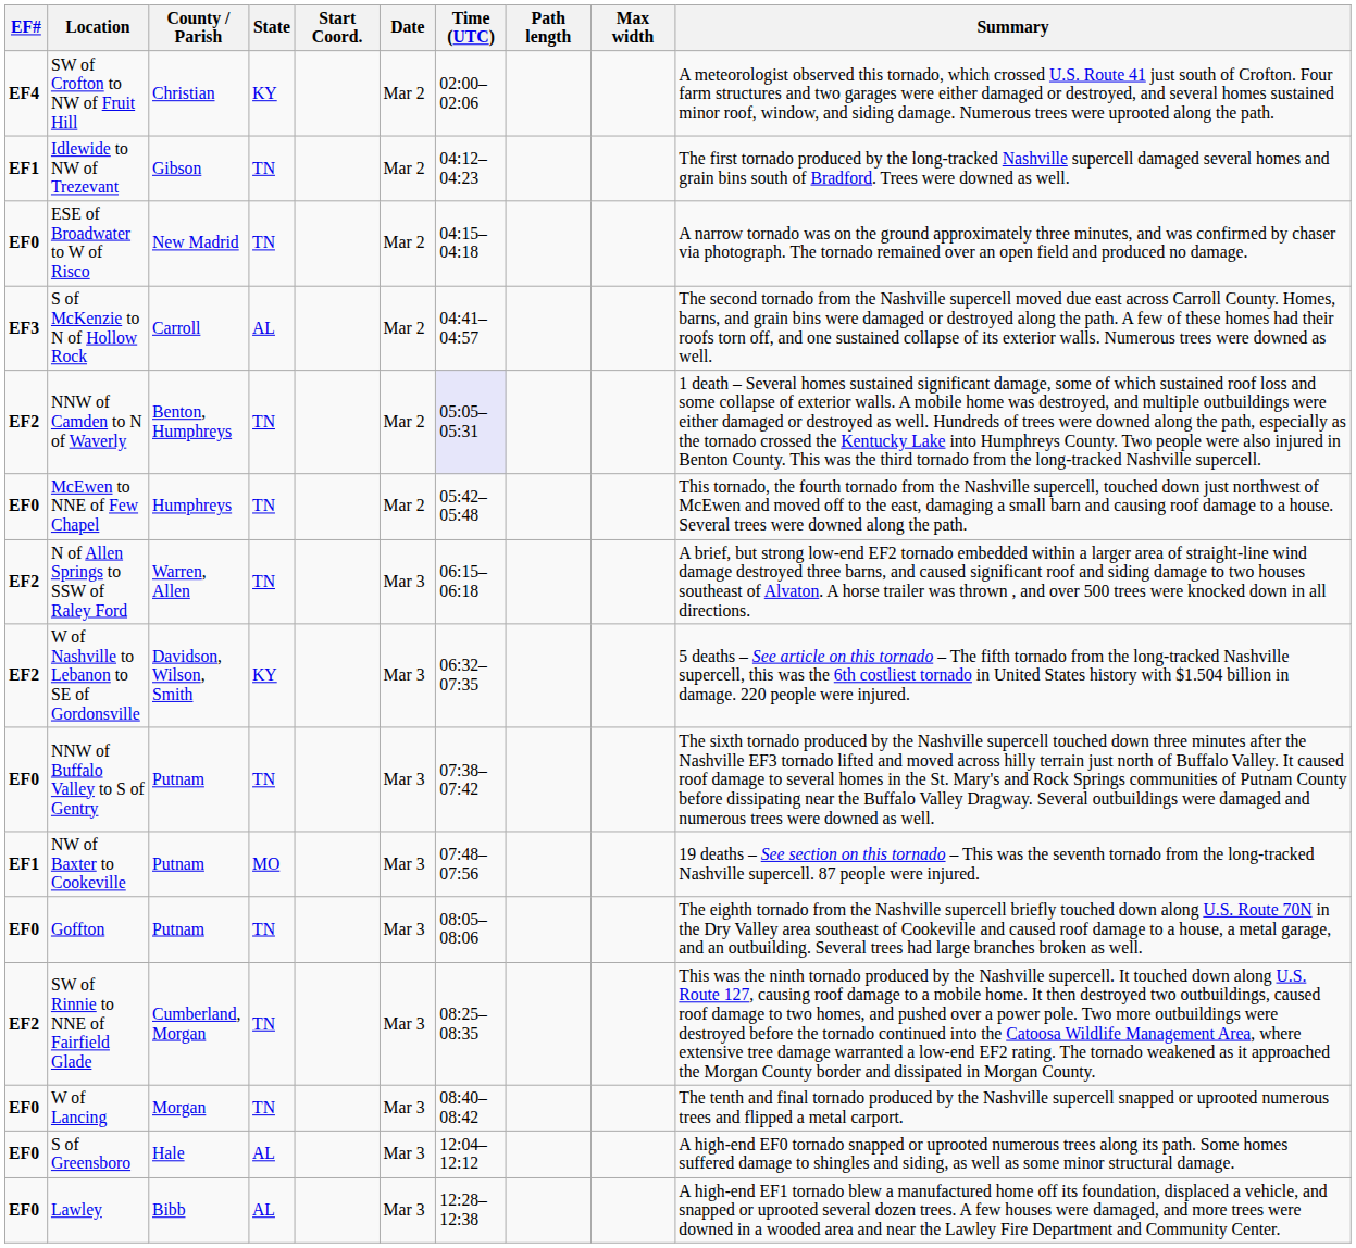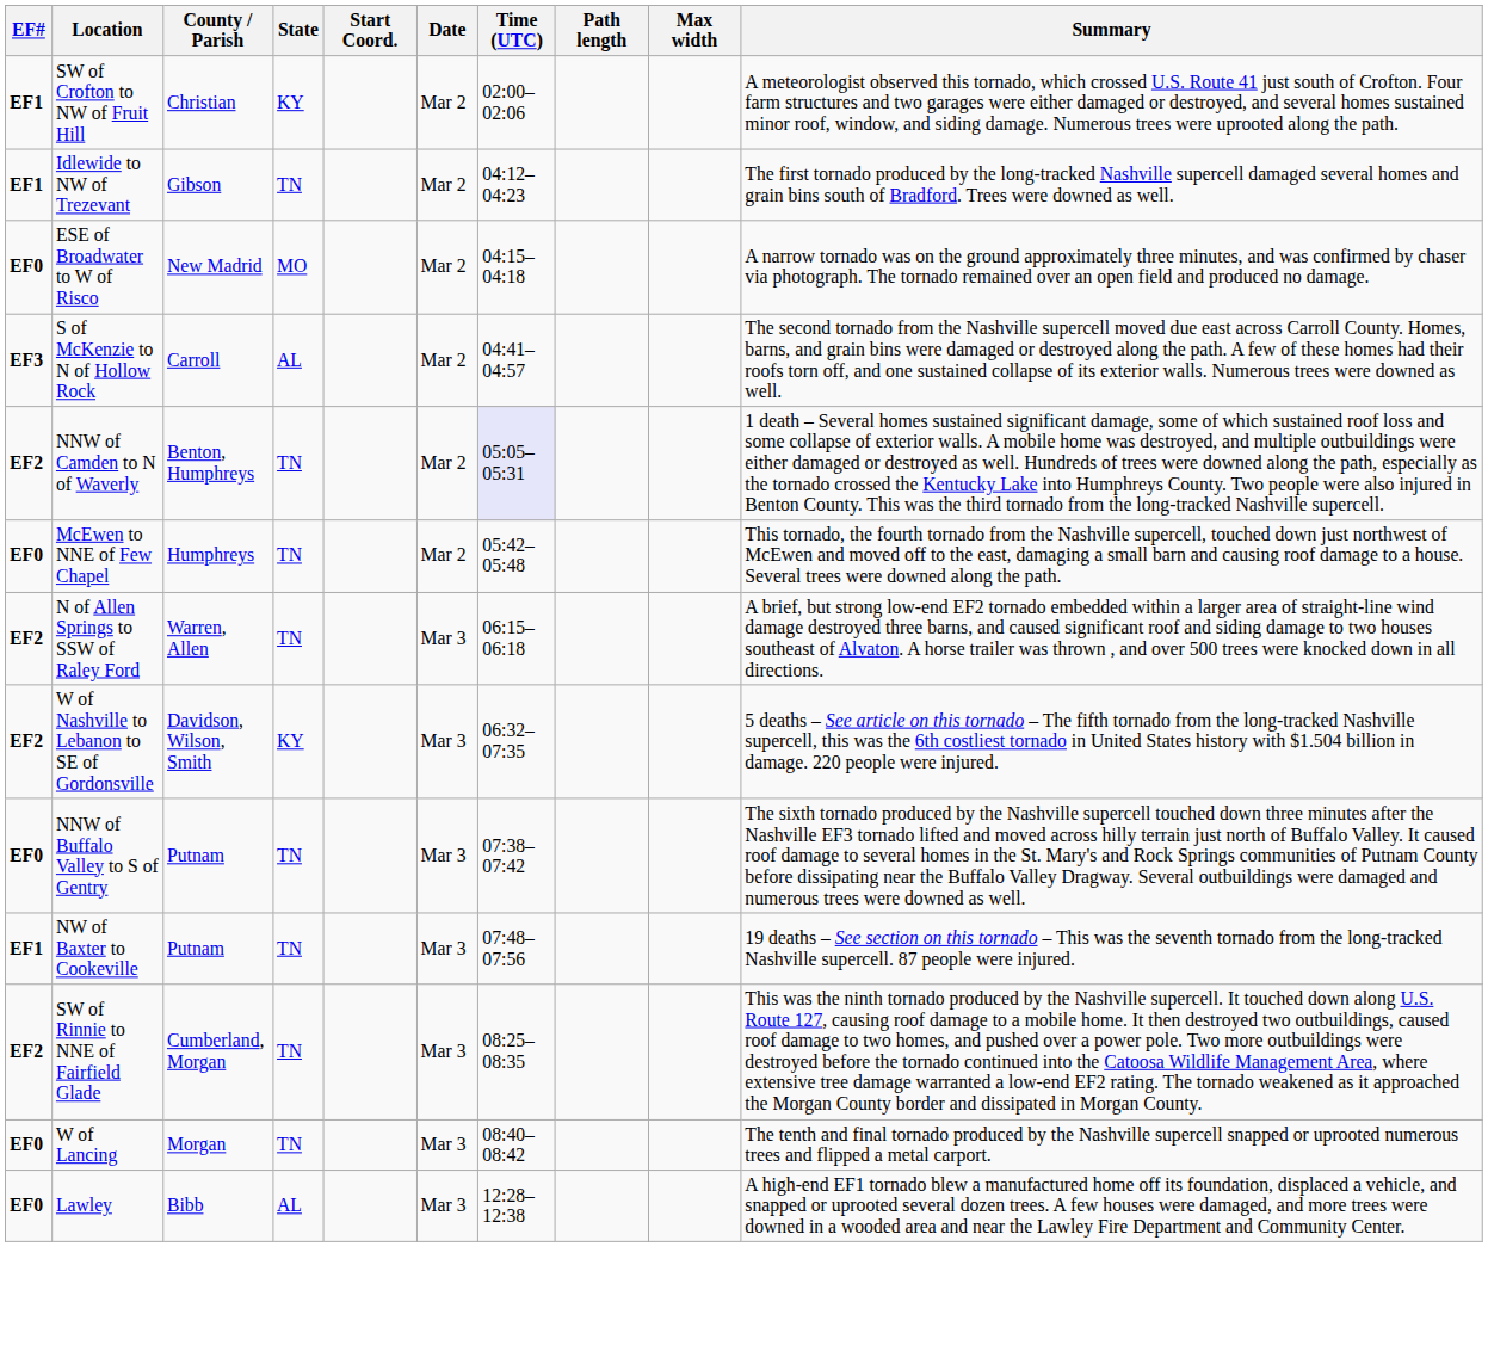 <table class="wikitable sortable" style="width:100%;">
 <tr>
 <th scope="col"  style="width:3%; text-align:center;"><a href='#'>EF#</a></th>
 <th scope="col"  style="width:7%; text-align:center;" class="unsortable">Location</th>
 <th scope="col"  style="width:6%; text-align:center;" class="unsortable">County / Parish</th>
 <th scope="col"  style="width:3%; text-align:center;">State</th>
 <th scope="col"  style="width:6%; text-align:center;">Start Coord.</th>
 <th scope="col"  style="width:4%; text-align:center;">Date</th>
 <th scope="col"  style="width:5%; text-align:center;">Time (<a href='#'>UTC</a>)</th>
 <th scope="col"  style="width:6%; text-align:center;">Path length</th>
 <th scope="col"  style="width:6%; text-align:center;">Max width</th>
 <th scope="col" class="unsortable" style="width:48%; text-align:center;">Summary</th>
 </tr>
 <tr>
-<td><strong>EF4</strong></td>
+<td><strong>EF1</strong></td>
 <td>SW of <a href='#'>Crofton</a> to NW of <a href='#'>Fruit Hill</a></td>
 <td><a href='#'>Christian</a></td>
 <td><a href='#'>KY</a></td>
 <td></td>
 <td>Mar 2</td>
 <td>02:00–02:06</td>
 <td></td>
 <td></td>
 <td>A meteorologist observed this tornado, which crossed <a href='#'>U.S. Route 41</a> just south of Crofton. Four farm structures and two garages were either damaged or destroyed, and several homes sustained minor roof, window, and siding damage. Numerous trees were uprooted along the path.</td>
 </tr>
 <tr>
 <td><strong>EF1</strong></td>
 <td><a href='#'>Idlewide</a> to NW of <a href='#'>Trezevant</a></td>
 <td><a href='#'>Gibson</a></td>
 <td><a href='#'>TN</a></td>
 <td></td>
 <td>Mar 2</td>
 <td>04:12–04:23</td>
 <td></td>
 <td></td>
 <td>The first tornado produced by the long-tracked <a href='#'>Nashville</a> supercell damaged several homes and grain bins south of <a href='#'>Bradford</a>. Trees were downed as well.</td>
 </tr>
 <tr>
 <td><strong>EF0</strong></td>
 <td>ESE of <a href='#'>Broadwater</a> to W of <a href='#'>Risco</a></td>
 <td><a href='#'>New Madrid</a></td>
-<td><a href='#'>TN</a></td>
+<td><a href='#'>MO</a></td>
 <td></td>
 <td>Mar 2</td>
 <td>04:15–04:18</td>
 <td></td>
 <td></td>
 <td>A narrow tornado was on the ground approximately three minutes, and was confirmed by chaser via photograph. The tornado remained over an open field and produced no damage.</td>
 </tr>
 <tr>
 <td><strong>EF3</strong></td>
 <td>S of <a href='#'>McKenzie</a> to N of <a href='#'>Hollow Rock</a></td>
 <td><a href='#'>Carroll</a></td>
 <td><a href='#'>AL</a></td>
 <td></td>
 <td>Mar 2</td>
 <td>04:41–04:57</td>
 <td></td>
 <td></td>
 <td>The second tornado from the Nashville supercell moved due east across Carroll County. Homes, barns, and grain bins were damaged or destroyed along the path. A few of these homes had their roofs torn off, and one sustained collapse of its exterior walls. Numerous trees were downed as well.</td>
 </tr>
 <tr>
 <td><strong>EF2</strong></td>
 <td>NNW of <a href='#'>Camden</a> to N of <a href='#'>Waverly</a></td>
 <td><a href='#'>Benton</a>, <a href='#'>Humphreys</a></td>
 <td><a href='#'>TN</a></td>
 <td></td>
 <td>Mar 2</td>
 <td style="background: lavender;">05:05–05:31</td>
 <td></td>
 <td></td>
 <td>1 death – Several homes sustained significant damage, some of which sustained roof loss and some collapse of exterior walls. A mobile home was destroyed, and multiple outbuildings were either damaged or destroyed as well. Hundreds of trees were downed along the path, especially as the tornado crossed the <a href='#'>Kentucky Lake</a> into Humphreys County. Two people were also injured in Benton County. This was the third tornado from the long-tracked Nashville supercell.</td>
 </tr>
 <tr>
 <td><strong>EF0</strong></td>
 <td><a href='#'>McEwen</a> to NNE of <a href='#'>Few Chapel</a></td>
 <td><a href='#'>Humphreys</a></td>
 <td><a href='#'>TN</a></td>
 <td></td>
 <td>Mar 2</td>
 <td>05:42–05:48</td>
 <td></td>
 <td></td>
 <td>This tornado, the fourth tornado from the Nashville supercell, touched down just northwest of McEwen and moved off to the east, damaging a small barn and causing roof damage to a house. Several trees were downed along the path.</td>
 </tr>
 <tr>
 <td><strong>EF2</strong></td>
 <td>N of <a href='#'>Allen Springs</a> to SSW of <a href='#'>Raley Ford</a></td>
 <td><a href='#'>Warren</a>, <a href='#'>Allen</a></td>
 <td><a href='#'>TN</a></td>
 <td></td>
 <td>Mar 3</td>
 <td>06:15–06:18</td>
 <td></td>
 <td></td>
 <td>A brief, but strong low-end EF2 tornado embedded within a larger area of straight-line wind damage destroyed three barns, and caused significant roof and siding damage to two houses southeast of <a href='#'>Alvaton</a>. A horse trailer was thrown , and over 500 trees were knocked down in all directions.</td>
 </tr>
 <tr>
 <td><strong>EF2</strong></td>
 <td>W of <a href='#'>Nashville</a> to <a href='#'>Lebanon</a> to SE of <a href='#'>Gordonsville</a></td>
 <td><a href='#'>Davidson</a>, <a href='#'>Wilson</a>, <a href='#'>Smith</a></td>
 <td><a href='#'>KY</a></td>
 <td></td>
 <td>Mar 3</td>
 <td>06:32–07:35</td>
 <td></td>
 <td></td>
 <td>5 deaths – <em><a href='#'>See article on this tornado</a></em> – The fifth tornado from the long-tracked Nashville supercell, this was the <a href='#'>6th costliest tornado</a> in United States history with $1.504 billion in damage. 220 people were injured.</td>
 </tr>
 <tr>
 <td><strong>EF0</strong></td>
 <td>NNW of <a href='#'>Buffalo Valley</a> to S of <a href='#'>Gentry</a></td>
 <td><a href='#'>Putnam</a></td>
 <td><a href='#'>TN</a></td>
 <td></td>
 <td>Mar 3</td>
 <td>07:38–07:42</td>
 <td></td>
 <td></td>
 <td>The sixth tornado produced by the Nashville supercell touched down three minutes after the Nashville EF3 tornado lifted and moved across hilly terrain just north of Buffalo Valley. It caused roof damage to several homes in the St. Mary's and Rock Springs communities of Putnam County before dissipating near the Buffalo Valley Dragway. Several outbuildings were damaged and numerous trees were downed as well.</td>
 </tr>
 <tr>
 <td><strong>EF1</strong></td>
 <td>NW of <a href='#'>Baxter</a> to <a href='#'>Cookeville</a></td>
 <td><a href='#'>Putnam</a></td>
-<td><a href='#'>MO</a></td>
+<td><a href='#'>TN</a></td>
 <td></td>
 <td>Mar 3</td>
 <td>07:48–07:56</td>
 <td></td>
 <td></td>
 <td>19 deaths – <em><a href='#'>See section on this tornado</a></em> – This was the seventh tornado from the long-tracked Nashville supercell. 87 people were injured.</td>
-</tr>
-<tr>
-<td><strong>EF0</strong></td>
-<td><a href='#'>Goffton</a></td>
-<td><a href='#'>Putnam</a></td>
-<td><a href='#'>TN</a></td>
-<td></td>
-<td>Mar 3</td>
-<td>08:05–08:06</td>
-<td></td>
-<td></td>
-<td>The eighth tornado from the Nashville supercell briefly touched down along <a href='#'>U.S. Route 70N</a> in the Dry Valley area southeast of Cookeville and caused roof damage to a house, a metal garage, and an outbuilding. Several trees had large branches broken as well.</td>
 </tr>
 <tr>
 <td><strong>EF2</strong></td>
 <td>SW of <a href='#'>Rinnie</a> to NNE of <a href='#'>Fairfield Glade</a></td>
 <td><a href='#'>Cumberland</a>, <a href='#'>Morgan</a></td>
 <td><a href='#'>TN</a></td>
 <td></td>
 <td>Mar 3</td>
 <td>08:25–08:35</td>
 <td></td>
 <td></td>
 <td>This was the ninth tornado produced by the Nashville supercell. It touched down along <a href='#'>U.S. Route 127</a>, causing roof damage to a mobile home. It then destroyed two outbuildings, caused roof damage to two homes, and pushed over a power pole. Two more outbuildings were destroyed before the tornado continued into the <a href='#'>Catoosa Wildlife Management Area</a>, where extensive tree damage warranted a low-end EF2 rating. The tornado weakened as it approached the Morgan County border and dissipated in Morgan County.</td>
 </tr>
 <tr>
 <td><strong>EF0</strong></td>
 <td>W of <a href='#'>Lancing</a></td>
 <td><a href='#'>Morgan</a></td>
 <td><a href='#'>TN</a></td>
 <td></td>
 <td>Mar 3</td>
 <td>08:40–08:42</td>
 <td></td>
 <td></td>
 <td>The tenth and final tornado produced by the Nashville supercell snapped or uprooted numerous trees and flipped a metal carport.</td>
 </tr>
 <tr>
 <td><strong>EF0</strong></td>
-<td>S of <a href='#'>Greensboro</a></td>
-<td><a href='#'>Hale</a></td>
-<td><a href='#'>AL</a></td>
-<td></td>
-<td>Mar 3</td>
-<td>12:04–12:12</td>
-<td></td>
-<td></td>
-<td>A high-end EF0 tornado snapped or uprooted numerous trees along its path. Some homes suffered damage to shingles and siding, as well as some minor structural damage.</td>
-</tr>
-<tr>
-<td><strong>EF0</strong></td>
 <td><a href='#'>Lawley</a></td>
 <td><a href='#'>Bibb</a></td>
 <td><a href='#'>AL</a></td>
 <td></td>
 <td>Mar 3</td>
 <td>12:28–12:38</td>
 <td></td>
 <td></td>
 <td>A high-end EF1 tornado blew a manufactured home off its foundation, displaced a vehicle, and snapped or uprooted several dozen trees. A few houses were damaged, and more trees were downed in a wooded area and near the Lawley Fire Department and Community Center.</td>
 </tr>
 </table>
